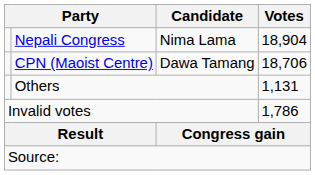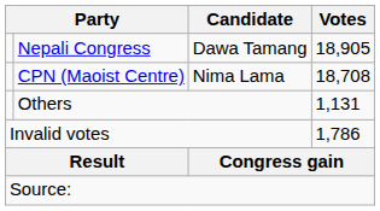 <table class="wikitable">
 <tr>
 <th colspan="2">Party</th>
 <th>Candidate</th>
 <th>Votes</th>
 </tr>
 <tr>
 <td style="background-color:"></td>
 <td><a href='#'>Nepali Congress</a></td>
-<td>Nima Lama</td>
-<td>18,904</td>
+<td>Dawa Tamang</td>
+<td>18,905</td>
 </tr>
 <tr>
 <td style="background-color:"></td>
 <td><a href='#'>CPN (Maoist Centre)</a></td>
-<td>Dawa Tamang</td>
-<td>18,706</td>
+<td>Nima Lama</td>
+<td>18,708</td>
 </tr>
 <tr>
 <td></td>
 <td colspan="2">Others</td>
 <td>1,131</td>
 </tr>
 <tr>
 <td colspan="3">Invalid votes</td>
 <td>1,786</td>
 </tr>
 <tr>
 <th colspan="2">Result</th>
 <th colspan="2">Congress gain</th>
 </tr>
 <tr>
 <td colspan="4">Source: </td>
 </tr>
 </table>
